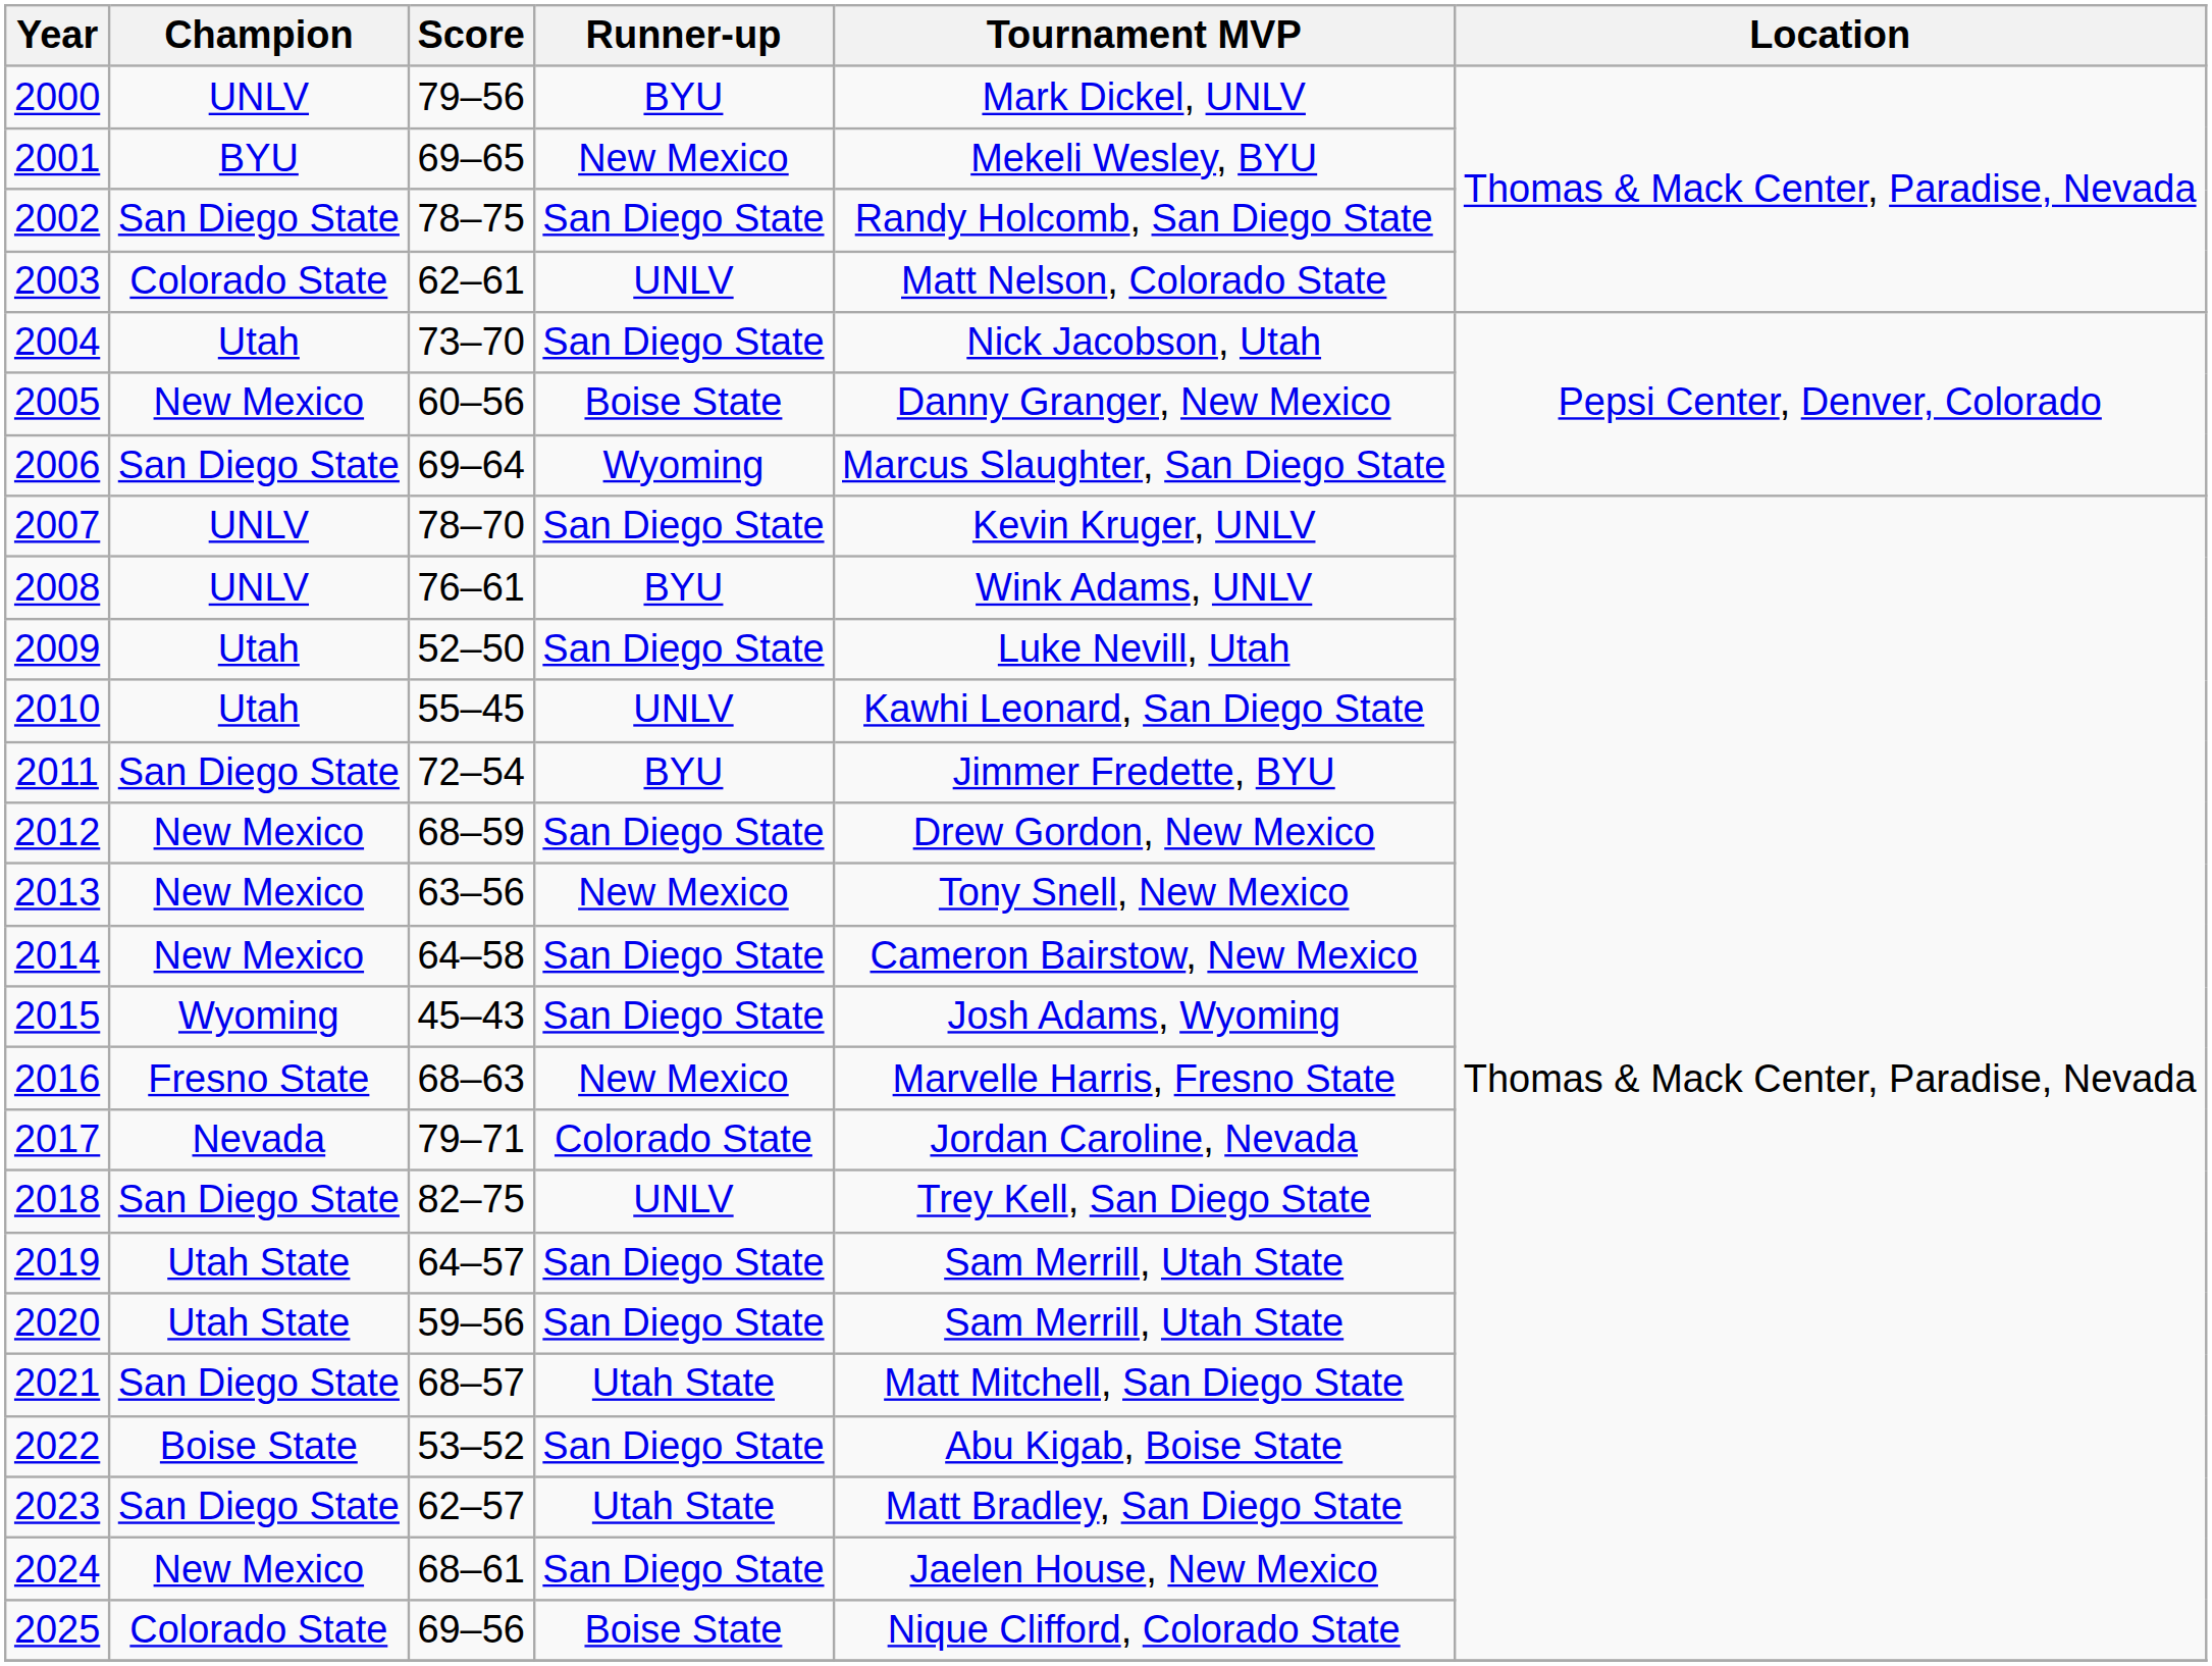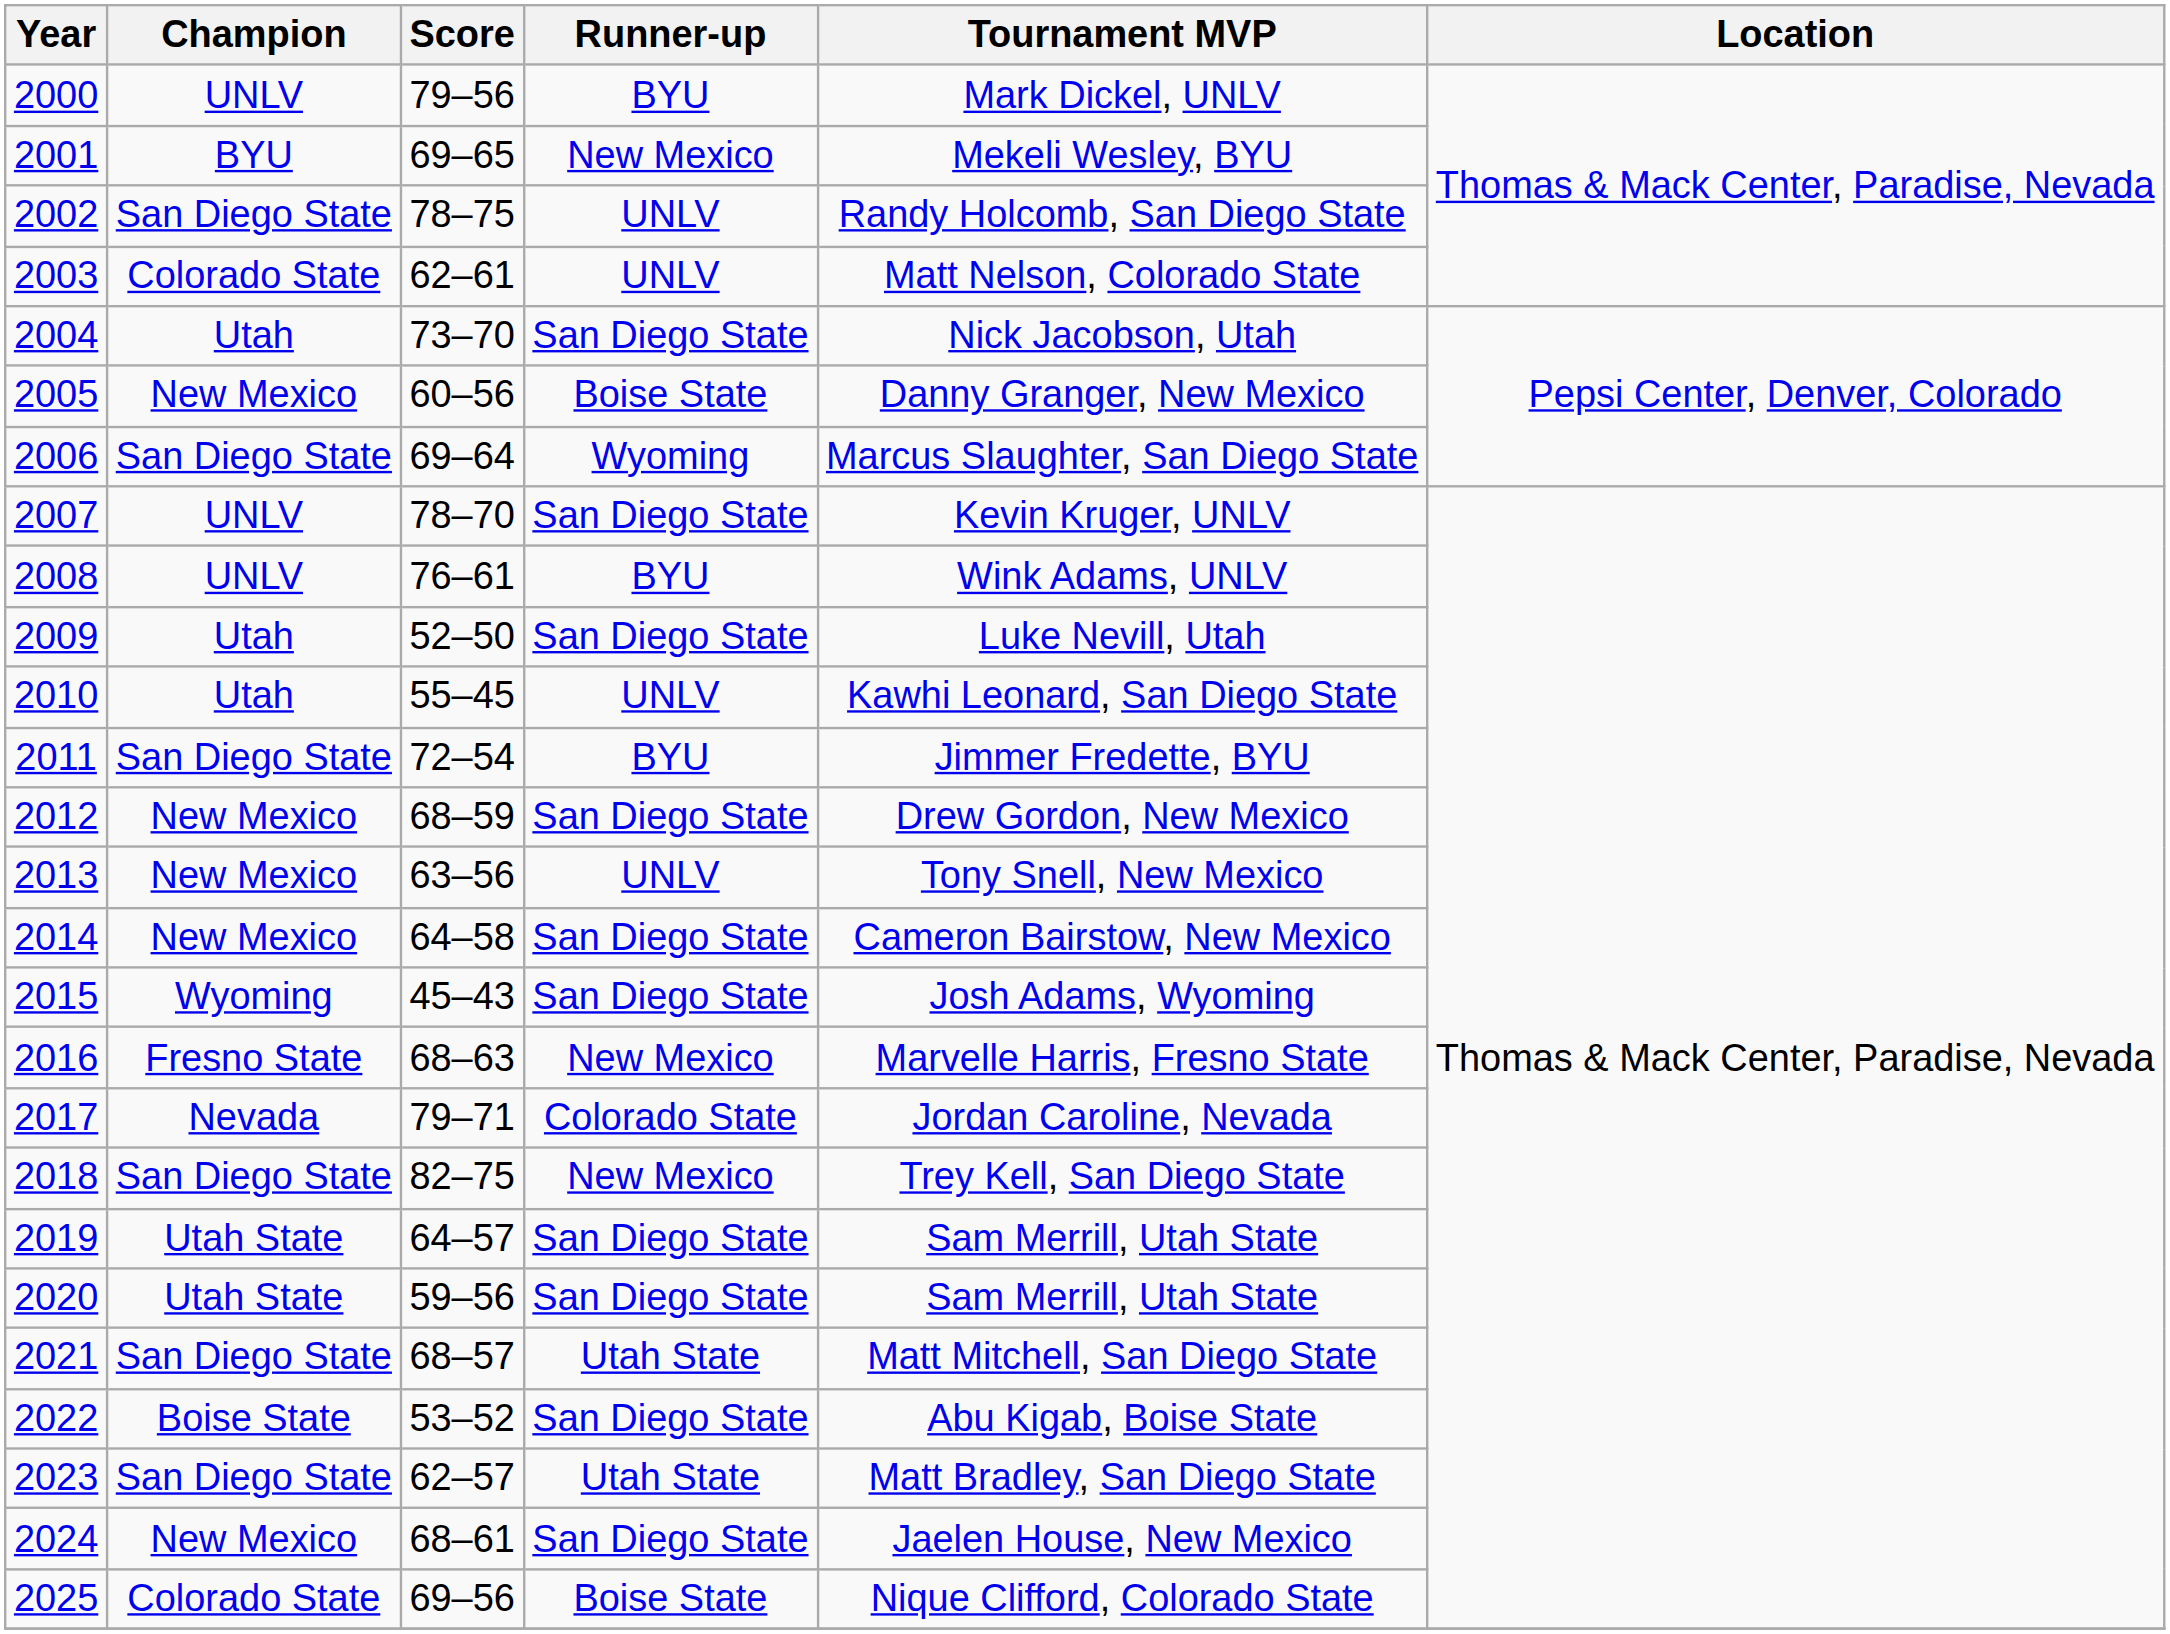 <table class="wikitable sortable" style="text-align:center">
 <tr>
 <th width=px>Year</th>
 <th width=px>Champion</th>
 <th width=px>Score</th>
 <th width=px>Runner-up</th>
 <th width=px>Tournament MVP</th>
 <th width=px>Location</th>
 </tr>
 <tr>
 <td><a href='#'>2000</a></td>
 <td><a href='#'>UNLV</a></td>
 <td>79–56</td>
 <td><a href='#'>BYU</a></td>
 <td><a href='#'>Mark Dickel</a>, <a href='#'>UNLV</a></td>
 <td rowspan=4><a href='#'>Thomas & Mack Center</a>, <a href='#'>Paradise, Nevada</a></td>
 </tr>
 <tr>
 <td><a href='#'>2001</a></td>
 <td><a href='#'>BYU</a></td>
 <td>69–65</td>
 <td><a href='#'>New Mexico</a></td>
 <td><a href='#'>Mekeli Wesley</a>, <a href='#'>BYU</a></td>
 </tr>
 <tr>
 <td><a href='#'>2002</a></td>
 <td><a href='#'>San Diego State</a></td>
 <td>78–75</td>
-<td><a href='#'>San Diego State</a></td>
+<td><a href='#'>UNLV</a></td>
 <td><a href='#'>Randy Holcomb</a>, <a href='#'>San Diego State</a></td>
 </tr>
 <tr>
 <td><a href='#'>2003</a></td>
 <td><a href='#'>Colorado State</a></td>
 <td>62–61</td>
 <td><a href='#'>UNLV</a></td>
 <td><a href='#'>Matt Nelson</a>, <a href='#'>Colorado State</a></td>
 </tr>
 <tr>
 <td><a href='#'>2004</a></td>
 <td><a href='#'>Utah</a></td>
 <td>73–70</td>
 <td><a href='#'>San Diego State</a></td>
 <td><a href='#'>Nick Jacobson</a>, <a href='#'>Utah</a></td>
 <td rowspan=3><a href='#'>Pepsi Center</a>, <a href='#'>Denver, Colorado</a></td>
 </tr>
 <tr>
 <td><a href='#'>2005</a></td>
 <td><a href='#'>New Mexico</a></td>
 <td>60–56</td>
 <td><a href='#'>Boise State</a></td>
 <td><a href='#'>Danny Granger</a>, <a href='#'>New Mexico</a></td>
 </tr>
 <tr>
 <td><a href='#'>2006</a></td>
 <td><a href='#'>San Diego State</a></td>
 <td>69–64</td>
 <td><a href='#'>Wyoming</a></td>
 <td><a href='#'>Marcus Slaughter</a>, <a href='#'>San Diego State</a></td>
 </tr>
 <tr>
 <td><a href='#'>2007</a></td>
 <td><a href='#'>UNLV</a></td>
 <td>78–70</td>
 <td><a href='#'>San Diego State</a></td>
 <td><a href='#'>Kevin Kruger</a>, <a href='#'>UNLV</a></td>
 <td rowspan="19">Thomas & Mack Center, Paradise, Nevada</td>
 </tr>
 <tr>
 <td><a href='#'>2008</a></td>
 <td><a href='#'>UNLV</a></td>
 <td>76–61</td>
 <td><a href='#'>BYU</a></td>
 <td><a href='#'>Wink Adams</a>, <a href='#'>UNLV</a></td>
 </tr>
 <tr>
 <td><a href='#'>2009</a></td>
 <td><a href='#'>Utah</a></td>
 <td>52–50</td>
 <td><a href='#'>San Diego State</a></td>
 <td><a href='#'>Luke Nevill</a>, <a href='#'>Utah</a></td>
 </tr>
 <tr>
 <td><a href='#'>2010</a></td>
 <td><a href='#'>Utah</a></td>
 <td>55–45</td>
 <td><a href='#'>UNLV</a></td>
 <td><a href='#'>Kawhi Leonard</a>, <a href='#'>San Diego State</a></td>
 </tr>
 <tr>
 <td><a href='#'>2011</a></td>
 <td><a href='#'>San Diego State</a></td>
 <td>72–54</td>
 <td><a href='#'>BYU</a></td>
 <td><a href='#'>Jimmer Fredette</a>, <a href='#'>BYU</a></td>
 </tr>
 <tr>
 <td><a href='#'>2012</a></td>
 <td><a href='#'>New Mexico</a></td>
 <td>68–59</td>
 <td><a href='#'>San Diego State</a></td>
 <td><a href='#'>Drew Gordon</a>, <a href='#'>New Mexico</a></td>
 </tr>
 <tr>
 <td><a href='#'>2013</a></td>
 <td><a href='#'>New Mexico</a></td>
 <td>63–56</td>
-<td><a href='#'>New Mexico</a></td>
+<td><a href='#'>UNLV</a></td>
 <td><a href='#'>Tony Snell</a>, <a href='#'>New Mexico</a></td>
 </tr>
 <tr>
 <td><a href='#'>2014</a></td>
 <td><a href='#'>New Mexico</a></td>
 <td>64–58</td>
 <td><a href='#'>San Diego State</a></td>
 <td><a href='#'>Cameron Bairstow</a>, <a href='#'>New Mexico</a></td>
 </tr>
 <tr>
 <td><a href='#'>2015</a></td>
 <td><a href='#'>Wyoming</a></td>
 <td>45–43</td>
 <td><a href='#'>San Diego State</a></td>
 <td><a href='#'>Josh Adams</a>, <a href='#'>Wyoming</a></td>
 </tr>
 <tr>
 <td><a href='#'>2016</a></td>
 <td><a href='#'>Fresno State</a></td>
 <td>68–63</td>
 <td><a href='#'>New Mexico</a></td>
 <td><a href='#'>Marvelle Harris</a>, <a href='#'>Fresno State</a></td>
 </tr>
 <tr>
 <td><a href='#'>2017</a></td>
 <td><a href='#'>Nevada</a></td>
 <td>79–71</td>
 <td><a href='#'>Colorado State</a></td>
 <td><a href='#'>Jordan Caroline</a>, <a href='#'>Nevada</a></td>
 </tr>
 <tr>
 <td><a href='#'>2018</a></td>
 <td><a href='#'>San Diego State</a></td>
 <td>82–75</td>
-<td><a href='#'>UNLV</a></td>
+<td><a href='#'>New Mexico</a></td>
 <td><a href='#'>Trey Kell</a>, <a href='#'>San Diego State</a></td>
 </tr>
 <tr>
 <td><a href='#'>2019</a></td>
 <td><a href='#'>Utah State</a></td>
 <td>64–57</td>
 <td><a href='#'>San Diego State</a></td>
 <td><a href='#'>Sam Merrill</a>, <a href='#'>Utah State</a></td>
 </tr>
 <tr>
 <td><a href='#'>2020</a></td>
 <td><a href='#'>Utah State</a></td>
 <td>59–56</td>
 <td><a href='#'>San Diego State</a></td>
 <td><a href='#'>Sam Merrill</a>, <a href='#'>Utah State</a></td>
 </tr>
 <tr>
 <td><a href='#'>2021</a></td>
 <td><a href='#'>San Diego State</a></td>
 <td>68–57</td>
 <td><a href='#'>Utah State</a></td>
 <td><a href='#'>Matt Mitchell</a>, <a href='#'>San Diego State</a></td>
 </tr>
 <tr>
 <td><a href='#'>2022</a></td>
 <td><a href='#'>Boise State</a></td>
 <td>53–52</td>
 <td><a href='#'>San Diego State</a></td>
 <td><a href='#'>Abu Kigab</a>, <a href='#'>Boise State</a></td>
 </tr>
 <tr>
 <td><a href='#'>2023</a></td>
 <td><a href='#'>San Diego State</a></td>
 <td>62–57</td>
 <td><a href='#'>Utah State</a></td>
 <td><a href='#'>Matt Bradley</a>, <a href='#'>San Diego State</a></td>
 </tr>
 <tr>
 <td><a href='#'>2024</a></td>
 <td><a href='#'>New Mexico</a></td>
 <td>68–61</td>
 <td><a href='#'>San Diego State</a></td>
 <td><a href='#'>Jaelen House</a>, <a href='#'>New Mexico</a></td>
 </tr>
 <tr>
 <td><a href='#'>2025</a></td>
 <td><a href='#'>Colorado State</a></td>
 <td>69–56</td>
 <td><a href='#'>Boise State</a></td>
 <td><a href='#'>Nique Clifford</a>, <a href='#'>Colorado State</a></td>
 </tr>
 <tr>
 </tr>
 </table>
